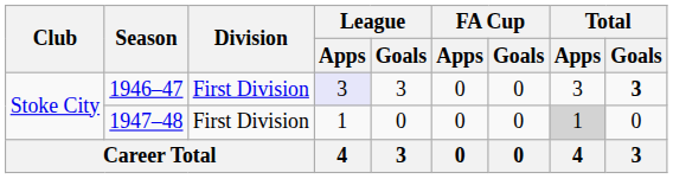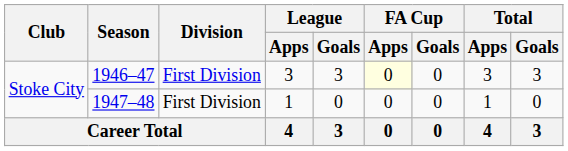 <table class="wikitable" style="text-align: center;">
 <tr>
 <th rowspan="2">Club</th>
 <th rowspan="2">Season</th>
 <th rowspan="2">Division</th>
 <th colspan="2">League</th>
 <th colspan="2">FA Cup</th>
 <th colspan="2">Total</th>
 </tr>
 <tr>
 <th>Apps</th>
 <th>Goals</th>
 <th>Apps</th>
 <th>Goals</th>
 <th>Apps</th>
 <th>Goals</th>
 </tr>
 <tr>
 <td rowspan="2"><a href='#'>Stoke City</a></td>
 <td><a href='#'>1946–47</a></td>
 <td><a href='#'>First Division</a></td>
-<td style="background: lavender;">3</td>
 <td>3</td>
-<td>0</td>
+<td>3</td>
+<td style="background: lightyellow;">0</td>
 <td>0</td>
 <td>3</td>
-<td><strong>3</strong></td>
+<td>3</td>
 </tr>
 <tr>
 <td><a href='#'>1947–48</a></td>
 <td>First Division</td>
 <td>1</td>
 <td>0</td>
 <td>0</td>
 <td>0</td>
-<td style="background: lightgrey;">1</td>
+<td>1</td>
 <td>0</td>
 </tr>
 <tr>
 <th colspan="3">Career Total</th>
 <th>4</th>
 <th>3</th>
 <th>0</th>
 <th>0</th>
 <th>4</th>
 <th>3</th>
 </tr>
 </table>
